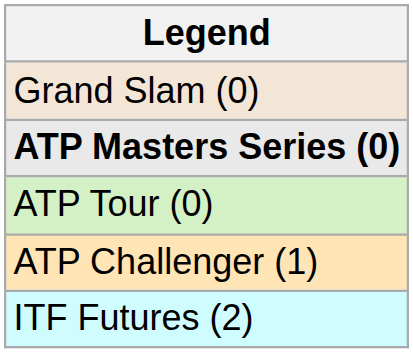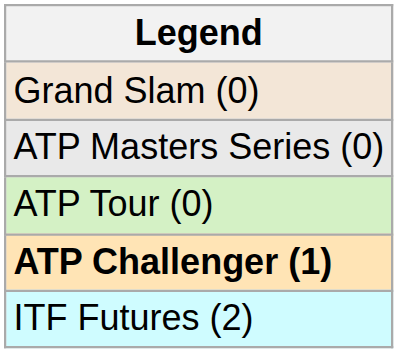 <table class="wikitable sortable mw-collapsible mw-collapsed">
 <tr>
 <th>Legend</th>
 </tr>
 <tr style="background:#f3e6d7;">
 <td>Grand Slam (0)</td>
 </tr>
 <tr style="background:#e9e9e9;">
-<td><strong>ATP Masters Series (0)</strong></td>
+<td>ATP Masters Series (0)</td>
 </tr>
 <tr style="background:#d4f1c5;">
 <td>ATP Tour (0)</td>
 </tr>
 <tr bgcolor="moccasin">
-<td>ATP Challenger (1)</td>
+<td><strong>ATP Challenger (1)</strong></td>
 </tr>
 <tr bgcolor="CFFCFF">
 <td>ITF Futures (2)</td>
 </tr>
 </table>
